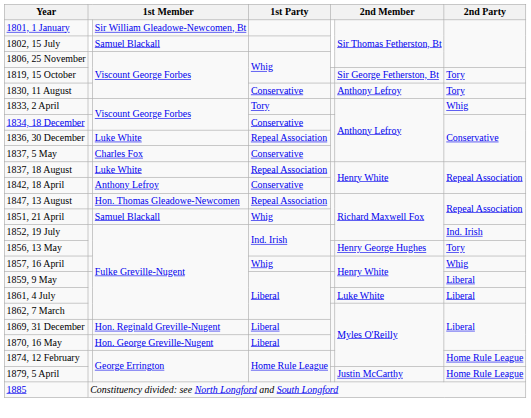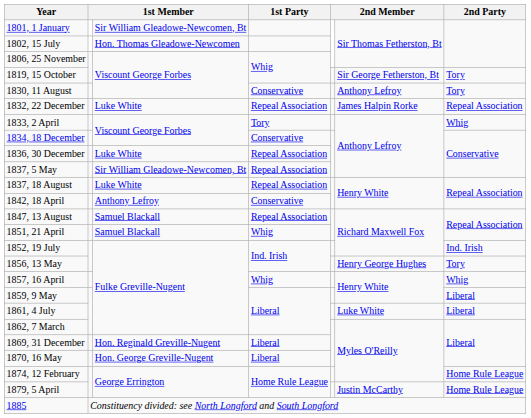 <table class="wikitable">
 <tr>
 <th>Year</th>
 <th colspan="2">1st Member</th>
 <th>1st Party</th>
 <th colspan="2">2nd Member</th>
 <th>2nd Party</th>
 </tr>
 <tr>
 <td><a href='#'>1801, 1 January</a></td>
 <td style="color:inherit;background-color: white"></td>
 <td><a href='#'>Sir William Gleadowe-Newcomen, Bt</a>   </td>
 <td></td>
 <td rowspan="3" style="color:inherit;background-color: white"></td>
 <td rowspan="3"><a href='#'>Sir Thomas Fetherston, Bt</a>   </td>
 <td rowspan="3"></td>
 </tr>
 <tr>
 <td>1802, 15 July</td>
 <td style="color:inherit;background-color: white"></td>
-<td><a href='#'>Samuel Blackall</a>   </td>
+<td><a href='#'>Hon. Thomas Gleadowe-Newcomen</a>   </td>
 <td></td>
 </tr>
 <tr>
 <td>1806, 25 November</td>
 <td rowspan="2" style="color:inherit;background-color: "></td>
 <td rowspan="3"><a href='#'>Viscount George Forbes</a>     </td>
 <td rowspan="2"><a href='#'>Whig</a></td>
 </tr>
 <tr>
 <td>1819, 15 October</td>
 <td style="color:inherit;background-color: "></td>
 <td><a href='#'>Sir George Fetherston, Bt</a>   </td>
 <td><a href='#'>Tory</a></td>
 </tr>
 <tr>
 <td>1830, 11 August</td>
 <td style="color:inherit;background-color: "></td>
 <td><a href='#'>Conservative</a></td>
 <td style="color:inherit;background-color: "></td>
 <td><a href='#'>Anthony Lefroy</a>   </td>
 <td><a href='#'>Tory</a></td>
+</tr>
+<tr>
+<td>1832, 22 December</td>
+<td style="color:inherit;background-color: "></td>
+<td><a href='#'>Luke White</a>   </td>
+<td><a href='#'>Repeal Association</a></td>
+<td style="color:inherit;background-color: "></td>
+<td><a href='#'>James Halpin Rorke</a>   </td>
+<td><a href='#'>Repeal Association</a></td>
 </tr>
 <tr>
 <td>1833, 2 April</td>
 <td style="color:inherit;background-color: "></td>
 <td rowspan="2"><a href='#'>Viscount George Forbes</a>   </td>
 <td><a href='#'>Tory</a></td>
 <td style="color:inherit;background-color: "></td>
 <td rowspan="4"><a href='#'>Anthony Lefroy</a>    </td>
 <td><a href='#'>Whig</a></td>
 </tr>
 <tr>
 <td><a href='#'>1834, 18 December</a></td>
 <td style="color:inherit;background-color: "></td>
 <td><a href='#'>Conservative</a></td>
 <td rowspan="3" style="color:inherit;background-color: "></td>
 <td rowspan="3"><a href='#'>Conservative</a></td>
 </tr>
 <tr>
 <td>1836, 30 December</td>
 <td style="color:inherit;background-color: "></td>
 <td><a href='#'>Luke White</a>   </td>
 <td><a href='#'>Repeal Association</a></td>
 </tr>
 <tr>
 <td>1837, 5 May</td>
 <td style="color:inherit;background-color: "></td>
-<td><a href='#'>Charles Fox</a></td>
-<td><a href='#'>Conservative</a></td>
+<td><a href='#'>Sir William Gleadowe-Newcomen, Bt</a>   </td>
+<td><a href='#'>Repeal Association</a></td>
 </tr>
 <tr>
 <td>1837, 18 August</td>
 <td style="color:inherit;background-color: "></td>
 <td><a href='#'>Luke White</a>  </td>
 <td><a href='#'>Repeal Association</a></td>
 <td rowspan="2" style="color:inherit;background-color: "></td>
 <td rowspan="2"><a href='#'>Henry White</a></td>
 <td rowspan="2"><a href='#'>Repeal Association</a></td>
 </tr>
 <tr>
 <td>1842, 18 April</td>
 <td style="color:inherit;background-color: "></td>
 <td><a href='#'>Anthony Lefroy</a>   </td>
 <td><a href='#'>Conservative</a></td>
 </tr>
 <tr>
 <td>1847, 13 August</td>
 <td style="color:inherit;background-color: "></td>
-<td><a href='#'>Hon. Thomas Gleadowe-Newcomen</a>   </td>
+<td><a href='#'>Samuel Blackall</a>   </td>
 <td><a href='#'>Repeal Association</a></td>
 <td rowspan="2" style="color:inherit;background-color: "></td>
 <td rowspan="3"><a href='#'>Richard Maxwell Fox</a>    </td>
 <td rowspan="2"><a href='#'>Repeal Association</a></td>
 </tr>
 <tr>
 <td>1851, 21 April</td>
 <td style="color:inherit;background-color: "></td>
 <td><a href='#'>Samuel Blackall</a>   </td>
 <td><a href='#'>Whig</a></td>
 </tr>
 <tr>
 <td>1852, 19 July</td>
 <td rowspan="2" style="color:inherit;background-color: "></td>
 <td rowspan="6"><a href='#'>Fulke Greville-Nugent</a> </td>
 <td rowspan="2"><a href='#'>Ind. Irish</a></td>
 <td style="color:inherit;background-color: "></td>
 <td><a href='#'>Ind. Irish</a></td>
 </tr>
 <tr>
 <td>1856, 13 May</td>
 <td style="color:inherit;background-color: "></td>
 <td><a href='#'>Henry George Hughes</a>   </td>
 <td><a href='#'>Tory</a></td>
 </tr>
 <tr>
 <td>1857, 16 April</td>
 <td style="color:inherit;background-color: "></td>
 <td><a href='#'>Whig</a></td>
 <td style="color:inherit;background-color: "></td>
 <td rowspan="2"><a href='#'>Henry White</a></td>
 <td><a href='#'>Whig</a></td>
 </tr>
 <tr>
 <td>1859, 9 May</td>
 <td rowspan="3" style="color:inherit;background-color: "></td>
 <td rowspan="3"><a href='#'>Liberal</a></td>
 <td style="color:inherit;background-color: "></td>
 <td><a href='#'>Liberal</a></td>
 </tr>
 <tr>
 <td>1861, 4 July</td>
 <td style="color:inherit;background-color: "></td>
 <td><a href='#'>Luke White</a>   </td>
 <td><a href='#'>Liberal</a></td>
 </tr>
 <tr>
 <td>1862, 7 March</td>
 <td rowspan="3" style="color:inherit;background-color: "></td>
 <td rowspan="4"><a href='#'>Myles O'Reilly</a>      </td>
 <td rowspan="3"><a href='#'>Liberal</a></td>
 </tr>
 <tr>
 <td>1869, 31 December</td>
 <td style="color:inherit;background-color: "></td>
 <td><a href='#'>Hon. Reginald Greville-Nugent</a>   </td>
 <td><a href='#'>Liberal</a></td>
 </tr>
 <tr>
 <td>1870, 16 May</td>
 <td style="color:inherit;background-color: "></td>
 <td><a href='#'>Hon. George Greville-Nugent</a>   </td>
 <td><a href='#'>Liberal</a></td>
 </tr>
 <tr>
 <td>1874, 12 February</td>
 <td rowspan="2" style="color:inherit;background-color: "></td>
 <td rowspan="2"><a href='#'>George Errington</a>     </td>
 <td rowspan="2"><a href='#'>Home Rule League</a></td>
 <td style="color:inherit;background-color: "></td>
 <td><a href='#'>Home Rule League</a></td>
 </tr>
 <tr>
 <td>1879, 5 April</td>
 <td style="color:inherit;background-color: "></td>
 <td><a href='#'>Justin McCarthy</a>   </td>
 <td><a href='#'>Home Rule League</a></td>
 </tr>
 <tr>
 <td><a href='#'>1885</a></td>
 <td colspan="6"><em>Constituency divided: see <a href='#'>North Longford</a> and <a href='#'>South Longford</a></em></td>
 </tr>
 </table>
